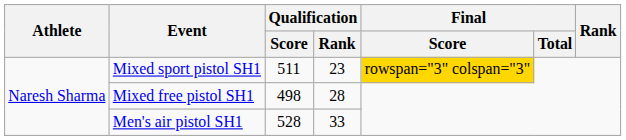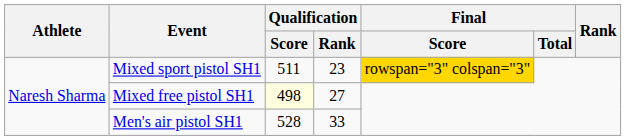 <table class="wikitable" style="font-size:90%">
 <tr>
 <th rowspan="2">Athlete</th>
 <th rowspan="2">Event</th>
 <th colspan="2">Qualification</th>
 <th colspan="2">Final</th>
 <th rowspan="2">Rank</th>
 </tr>
 <tr>
 <th>Score</th>
 <th>Rank</th>
 <th>Score</th>
 <th>Total</th>
 </tr>
 <tr>
 <td rowspan="3"><a href='#'>Naresh Sharma</a></td>
 <td><a href='#'>Mixed sport pistol SH1</a></td>
 <td align="center">511</td>
 <td align="center">23</td>
 <td style="background: gold;">rowspan="3" colspan="3" </td>
 </tr>
 <tr>
 <td><a href='#'>Mixed free pistol SH1</a></td>
-<td align="center">498</td>
-<td align="center">28</td>
+<td align="center" style="background: lightyellow;">498</td>
+<td align="center">27</td>
 </tr>
 <tr>
 <td><a href='#'>Men's air pistol SH1</a></td>
 <td align="center">528</td>
 <td align="center">33</td>
 </tr>
 </table>
